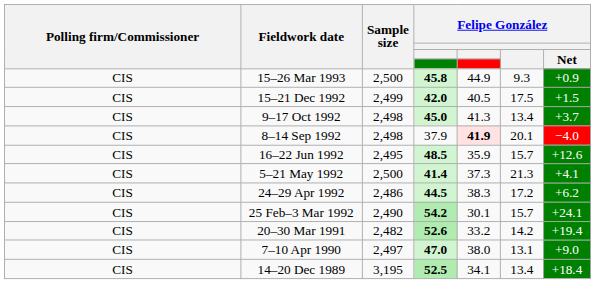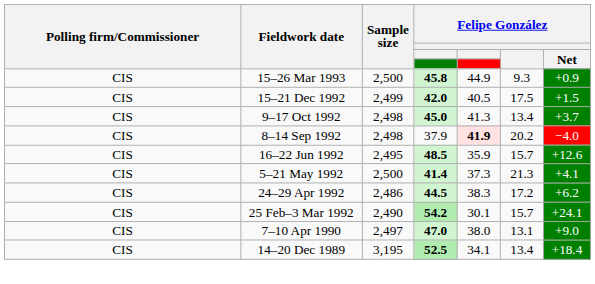 <table class="wikitable collapsible collapsed" style="text-align:center; font-size:90%; line-height:14px;">
 <tr style="height:42px;">
 <th style="width:250px;" rowspan="4">Polling firm/Commissioner</th>
 <th style="width:125px;" rowspan="4">Fieldwork date</th>
 <th style="width:50px;" rowspan="4">Sample size</th>
 <th style="width:185px;" colspan="4"><a href='#'>Felipe González</a><br></th>
 </tr>
 <tr>
 <th colspan="4" style="background:"></th>
 </tr>
 <tr>
 <th style="width:30px;"></th>
 <th style="width:30px;"></th>
 <th style="width:30px;" rowspan="2"></th>
 <th style="width:30px;" rowspan="2">Net</th>
 </tr>
 <tr>
 <th style="color:inherit;background:#008000;"></th>
 <th style="color:inherit;background:#FF0000;"></th>
 </tr>
 <tr>
 <td>CIS</td>
 <td>15–26 Mar 1993</td>
 <td>2,500</td>
 <td style="background:#D1F5D1;"><strong>45.8</strong></td>
 <td>44.9</td>
 <td>9.3</td>
 <td style="background:#008000; color:white;">+0.9</td>
 </tr>
 <tr>
 <td>CIS</td>
 <td>15–21 Dec 1992</td>
 <td>2,499</td>
 <td style="background:#D1F5D1;"><strong>42.0</strong></td>
 <td>40.5</td>
 <td>17.5</td>
 <td style="background:#008000; color:white;">+1.5</td>
 </tr>
 <tr>
 <td>CIS</td>
 <td>9–17 Oct 1992</td>
 <td>2,498</td>
 <td style="background:#D1F5D1;"><strong>45.0</strong></td>
 <td>41.3</td>
 <td>13.4</td>
 <td style="background:#008000; color:white;">+3.7</td>
 </tr>
 <tr>
 <td>CIS</td>
 <td>8–14 Sep 1992</td>
 <td>2,498</td>
 <td>37.9</td>
 <td style="background:#FFE2E1;"><strong>41.9</strong></td>
-<td>20.1</td>
+<td>20.2</td>
 <td style="background:#FF0000; color:white;">−4.0</td>
 </tr>
 <tr>
 <td>CIS</td>
 <td>16–22 Jun 1992</td>
 <td>2,495</td>
 <td style="background:#D1F5D1;"><strong>48.5</strong></td>
 <td>35.9</td>
 <td>15.7</td>
 <td style="background:#008000; color:white;">+12.6</td>
 </tr>
 <tr>
 <td>CIS</td>
 <td>5–21 May 1992</td>
 <td>2,500</td>
 <td style="background:#D1F5D1;"><strong>41.4</strong></td>
 <td>37.3</td>
 <td>21.3</td>
 <td style="background:#008000; color:white;">+4.1</td>
 </tr>
 <tr>
 <td>CIS</td>
 <td>24–29 Apr 1992</td>
 <td>2,486</td>
 <td style="background:#D1F5D1;"><strong>44.5</strong></td>
 <td>38.3</td>
 <td>17.2</td>
 <td style="background:#008000; color:white;">+6.2</td>
 </tr>
 <tr>
 <td>CIS</td>
 <td>25 Feb–3 Mar 1992</td>
 <td>2,490</td>
 <td style="background:#B0ECB0;"><strong>54.2</strong></td>
 <td>30.1</td>
 <td>15.7</td>
 <td style="background:#008000; color:white;">+24.1</td>
 </tr>
 <tr>
 <td>CIS</td>
-<td>20–30 Mar 1991</td>
-<td>2,482</td>
-<td style="background:#B0ECB0;"><strong>52.6</strong></td>
-<td>33.2</td>
-<td>14.2</td>
-<td style="background:#008000; color:white;">+19.4</td>
-</tr>
-<tr>
-<td>CIS</td>
 <td>7–10 Apr 1990</td>
 <td>2,497</td>
 <td style="background:#D1F5D1;"><strong>47.0</strong></td>
 <td>38.0</td>
 <td>13.1</td>
 <td style="background:#008000; color:white;">+9.0</td>
 </tr>
 <tr>
 <td>CIS</td>
 <td>14–20 Dec 1989</td>
 <td>3,195</td>
 <td style="background:#B0ECB0;"><strong>52.5</strong></td>
 <td>34.1</td>
 <td>13.4</td>
 <td style="background:#008000; color:white;">+18.4</td>
 </tr>
 </table>
